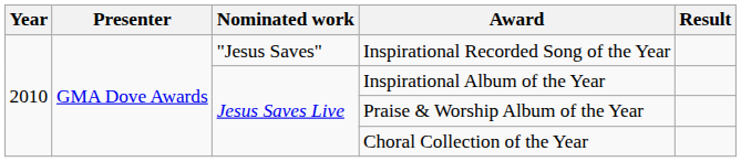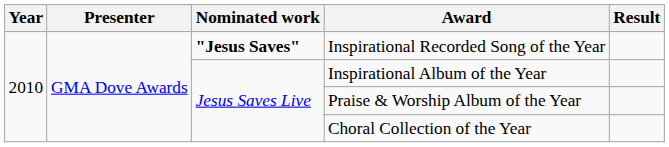 <table class="wikitable">
 <tr>
 <th>Year</th>
 <th>Presenter</th>
 <th>Nominated work</th>
 <th>Award</th>
 <th>Result</th>
 </tr>
 <tr>
 <td rowspan=4>2010</td>
 <td rowspan=4><a href='#'>GMA Dove Awards</a></td>
-<td>"Jesus Saves"</td>
+<td><strong>"Jesus Saves"</strong></td>
 <td>Inspirational Recorded Song of the Year</td>
 <td></td>
 </tr>
 <tr>
 <td rowspan=3><em><a href='#'>Jesus Saves Live</a></em></td>
 <td>Inspirational Album of the Year</td>
 <td></td>
 </tr>
 <tr>
 <td>Praise & Worship Album of the Year</td>
 <td></td>
 </tr>
 <tr>
 <td>Choral Collection of the Year</td>
 <td></td>
 </tr>
 </table>
